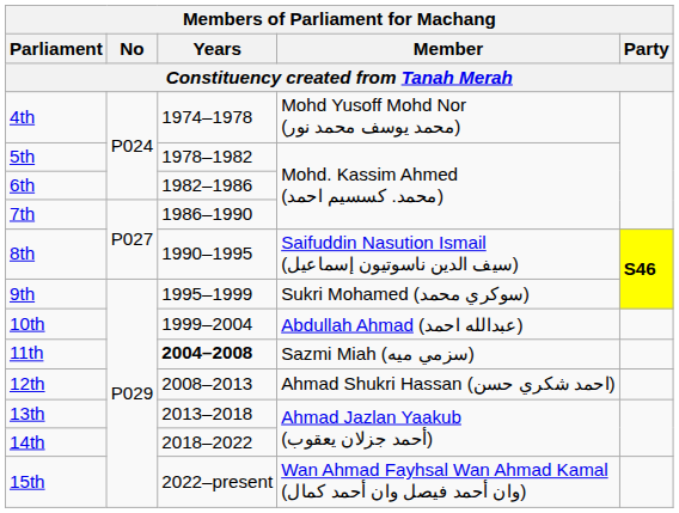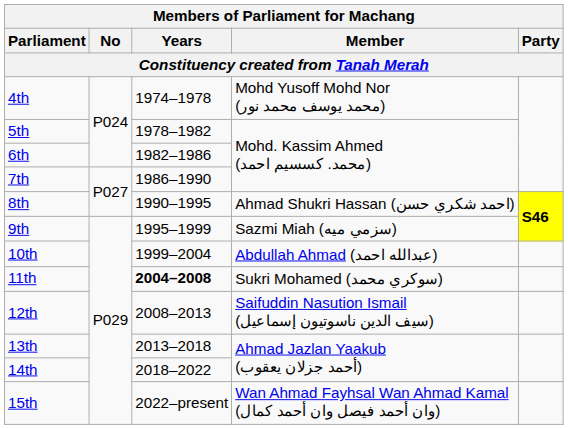 <table class=wikitable>
 <tr>
 <th colspan="5">Members of Parliament for Machang</th>
 </tr>
 <tr>
 <th>Parliament</th>
 <th>No</th>
 <th>Years</th>
 <th>Member</th>
 <th>Party</th>
 </tr>
 <tr>
 <th colspan="5" align="center"><em>Constituency created from <a href='#'>Tanah Merah</a></em></th>
 </tr>
 <tr>
 <td><a href='#'>4th</a></td>
 <td rowspan="3">P024</td>
 <td>1974–1978</td>
 <td>Mohd Yusoff Mohd Nor  <br> (محمد يوسف محمد نور)</td>
 <td rowspan=4></td>
 </tr>
 <tr>
 <td><a href='#'>5th</a></td>
 <td>1978–1982</td>
 <td rowspan=3>Mohd. Kassim Ahmed <br>  (محمد. كسسيم احمد)</td>
 </tr>
 <tr>
 <td><a href='#'>6th</a></td>
 <td>1982–1986</td>
 </tr>
 <tr>
 <td><a href='#'>7th</a></td>
 <td rowspan="2">P027</td>
 <td>1986–1990</td>
 </tr>
 <tr>
 <td><a href='#'>8th</a></td>
 <td>1990–1995</td>
-<td><a href='#'>Saifuddin Nasution Ismail</a>  <br> (سيف الدين ناسوتيون إسماعيل)</td>
+<td>Ahmad Shukri Hassan  (احمد شكري حسن)</td>
 <td rowspan="2" bgcolor="yellow"><strong>S46</strong></td>
 </tr>
 <tr>
 <td><a href='#'>9th</a></td>
 <td rowspan="7">P029</td>
 <td>1995–1999</td>
-<td>Sukri Mohamed  (سوكري محمد)</td>
+<td>Sazmi Miah (سزمي ميه)</td>
 </tr>
 <tr>
 <td><a href='#'>10th</a></td>
 <td>1999–2004</td>
 <td><a href='#'>Abdullah Ahmad</a> (عبدالله احمد)</td>
 <td></td>
 </tr>
 <tr>
 <td><a href='#'>11th</a></td>
 <td><strong>2004–2008</strong></td>
-<td>Sazmi Miah (سزمي ميه)</td>
+<td>Sukri Mohamed  (سوكري محمد)</td>
 <td></td>
 </tr>
 <tr>
 <td><a href='#'>12th</a></td>
 <td>2008–2013</td>
-<td>Ahmad Shukri Hassan  (احمد شكري حسن)</td>
+<td><a href='#'>Saifuddin Nasution Ismail</a>  <br> (سيف الدين ناسوتيون إسماعيل)</td>
 <td></td>
 </tr>
 <tr>
 <td><a href='#'>13th</a></td>
 <td>2013–2018</td>
 <td rowspan="2"><a href='#'>Ahmad Jazlan Yaakub</a>  <br> (أحمد جزلان يعقوب)</td>
 <td rowspan="2"></td>
 </tr>
 <tr>
 <td><a href='#'>14th</a></td>
 <td>2018–2022</td>
 </tr>
 <tr>
 <td><a href='#'>15th</a></td>
 <td>2022–present</td>
 <td><a href='#'>Wan Ahmad Fayhsal Wan Ahmad Kamal</a>  <br> (وان أحمد فيصل وان أحمد کمال)</td>
 <td></td>
 </tr>
 </table>
